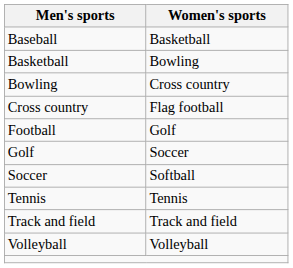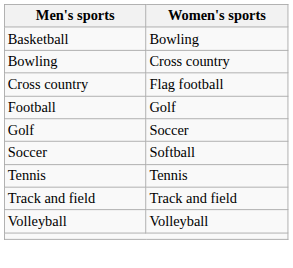 <table class="wikitable"; style= "text-align: ">
 <tr>
 <th width=150px>Men's sports</th>
 <th width=150px>Women's sports</th>
-</tr>
-<tr>
-<td>Baseball</td>
-<td>Basketball</td>
 </tr>
 <tr>
 <td>Basketball</td>
 <td>Bowling</td>
 </tr>
 <tr>
 <td>Bowling</td>
 <td>Cross country</td>
 </tr>
 <tr>
 <td>Cross country</td>
 <td>Flag football</td>
 </tr>
 <tr>
 <td>Football</td>
 <td>Golf</td>
 </tr>
 <tr>
 <td>Golf</td>
 <td>Soccer</td>
 </tr>
 <tr>
 <td>Soccer</td>
 <td>Softball</td>
 </tr>
 <tr>
 <td>Tennis</td>
 <td>Tennis</td>
 </tr>
 <tr>
 <td>Track and field</td>
 <td>Track and field</td>
 </tr>
 <tr>
 <td>Volleyball</td>
 <td>Volleyball</td>
 </tr>
 <tr>
 <td colspan=2></td>
 </tr>
 </table>
